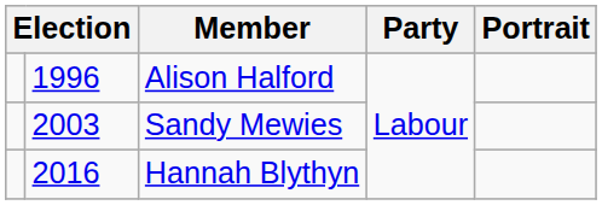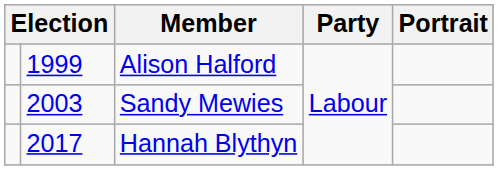 <table class="wikitable">
 <tr>
 <th colspan="2">Election</th>
 <th>Member</th>
 <th>Party</th>
 <th>Portrait</th>
 </tr>
 <tr>
 <td style="background-color: "></td>
-<td><a href='#'>1996</a></td>
+<td><a href='#'>1999</a></td>
 <td><a href='#'>Alison Halford</a></td>
 <td rowspan="3"><a href='#'>Labour</a></td>
 <td></td>
 </tr>
 <tr>
 <td style="background-color: "></td>
 <td><a href='#'>2003</a></td>
 <td><a href='#'>Sandy Mewies</a></td>
 <td></td>
 </tr>
 <tr>
 <td style="background-color: "></td>
-<td><a href='#'>2016</a></td>
+<td><a href='#'>2017</a></td>
 <td><a href='#'>Hannah Blythyn</a></td>
 <td></td>
 </tr>
 </table>
